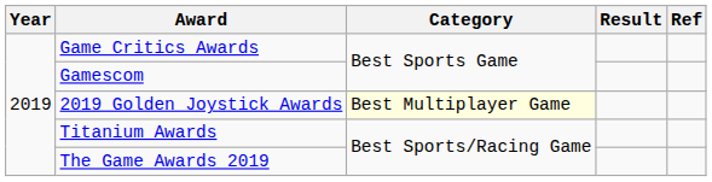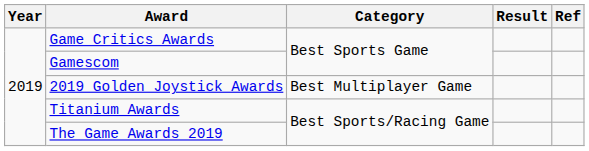 <table class="wikitable sortable">
 <tr>
 <th>Year</th>
 <th>Award</th>
 <th>Category</th>
 <th>Result</th>
 <th>Ref</th>
 </tr>
 <tr>
 <td style="text-align:center;" rowspan="5">2019</td>
 <td><a href='#'>Game Critics Awards</a></td>
 <td rowspan="2">Best Sports Game</td>
 <td></td>
 <td style="text-align:center;"></td>
 </tr>
 <tr>
 <td><a href='#'>Gamescom</a></td>
 <td></td>
 <td style="text-align:center;"></td>
 </tr>
 <tr>
 <td><a href='#'>2019 Golden Joystick Awards</a></td>
-<td style="background: lightyellow;">Best Multiplayer Game</td>
+<td>Best Multiplayer Game</td>
 <td></td>
 <td style="text-align:center;"></td>
 </tr>
 <tr>
 <td><a href='#'>Titanium Awards</a></td>
 <td rowspan="2">Best Sports/Racing Game</td>
 <td></td>
 <td style="text-align:center;"></td>
 </tr>
 <tr>
 <td><a href='#'>The Game Awards 2019</a></td>
 <td></td>
 <td style="text-align:center;"></td>
 </tr>
 </table>
